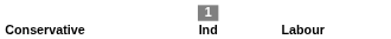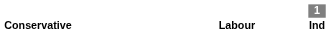 <table style="width:100%; text-align:center;">
 <tr style="color:white;">
 <td style="background-color:"><strong>51</strong></td>
+<td style="background-color:"><strong>10</strong></td>
 <td style="background-color:gray; width:1.6%;"><strong>1</strong></td>
-<td style="background-color:"><strong>10</strong></td>
 </tr>
 <tr>
 <td><span><strong>Conservative</strong></span></td>
+<td><span><strong>Labour</strong></span></td>
 <td><span><strong>Ind</strong></span></td>
-<td><span><strong>Labour</strong></span></td>
 </tr>
 </table>
